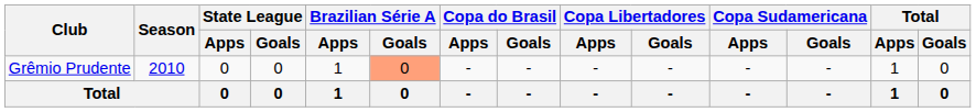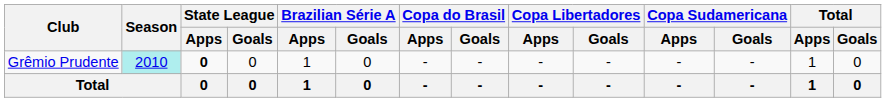 <table class="wikitable" style="text-align: center;">
 <tr>
 <th rowspan="2">Club</th>
 <th rowspan="2">Season</th>
 <th colspan="2">State League</th>
 <th colspan="2"><a href='#'>Brazilian Série A</a></th>
 <th colspan="2"><a href='#'>Copa do Brasil</a></th>
 <th colspan="2"><a href='#'>Copa Libertadores</a></th>
 <th colspan="2"><a href='#'>Copa Sudamericana</a></th>
 <th colspan="2">Total</th>
 </tr>
 <tr>
 <th>Apps</th>
 <th>Goals</th>
 <th>Apps</th>
 <th>Goals</th>
 <th>Apps</th>
 <th>Goals</th>
 <th>Apps</th>
 <th>Goals</th>
 <th>Apps</th>
 <th>Goals</th>
 <th>Apps</th>
 <th>Goals</th>
 </tr>
 <tr>
 <td rowspan="1" valign="center"><a href='#'>Grêmio Prudente</a></td>
-<td><a href='#'>2010</a></td>
-<td>0</td>
+<td style="background: paleturquoise;"><a href='#'>2010</a></td>
+<td><strong>0</strong></td>
 <td>0</td>
 <td>1</td>
-<td style="background: lightsalmon;">0</td>
+<td>0</td>
 <td>-</td>
 <td>-</td>
 <td>-</td>
 <td>-</td>
 <td>-</td>
 <td>-</td>
 <td>1</td>
 <td>0</td>
 </tr>
 <tr>
 <th colspan="2"><strong>Total</strong></th>
 <th>0</th>
 <th>0</th>
 <th>1</th>
 <th>0</th>
 <th>-</th>
 <th>-</th>
 <th>-</th>
 <th>-</th>
 <th>-</th>
 <th>-</th>
 <th>1</th>
 <th>0</th>
 </tr>
 </table>
